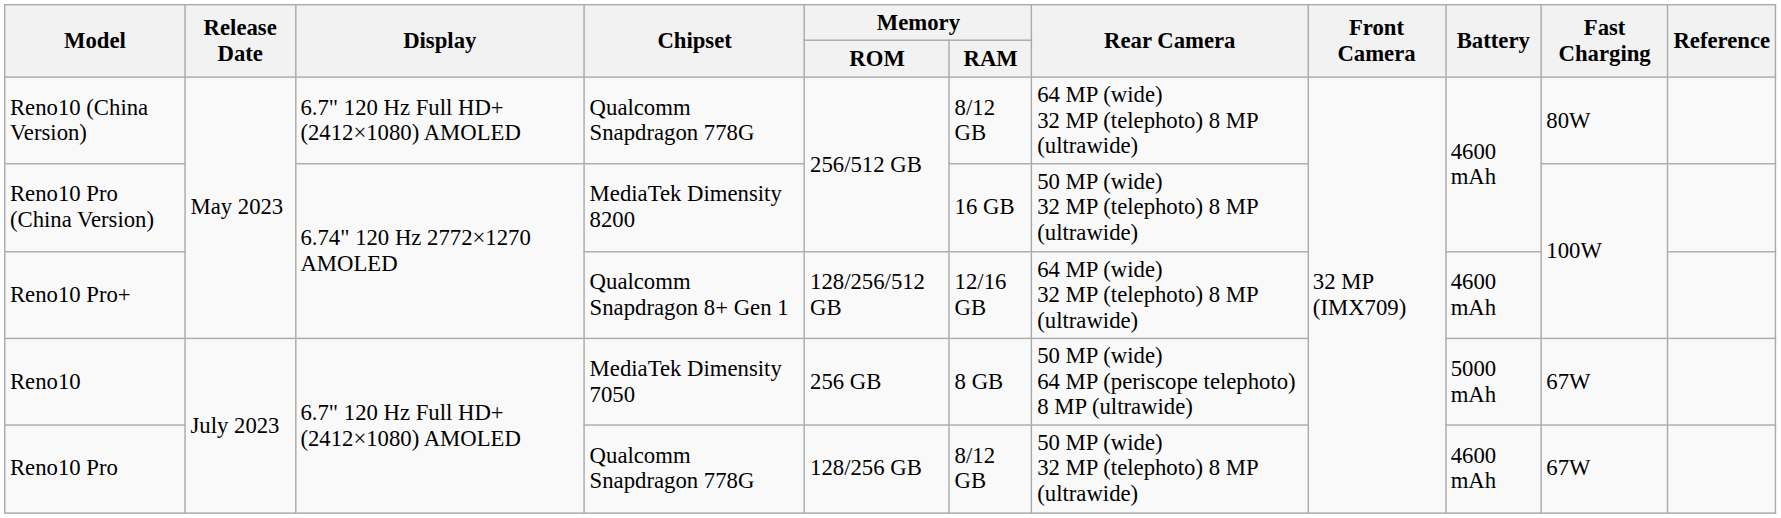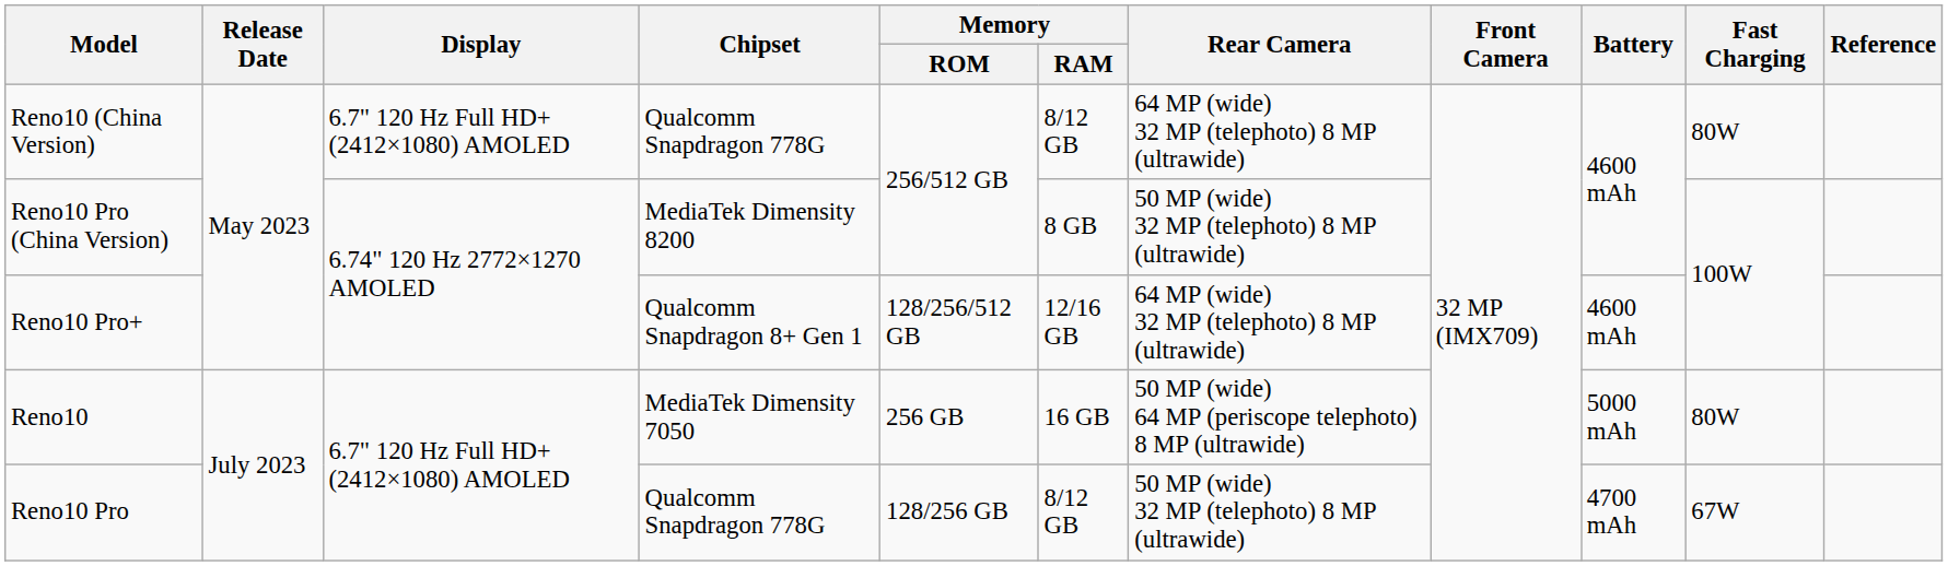 <table class="wikitable sortable">
 <tr>
 <th rowspan="2">Model</th>
 <th rowspan="2">Release Date</th>
 <th rowspan="2">Display</th>
 <th rowspan="2">Chipset</th>
 <th colspan="2">Memory</th>
 <th rowspan="2">Rear Camera</th>
 <th rowspan="2">Front Camera</th>
 <th rowspan="2">Battery</th>
 <th rowspan="2">Fast Charging</th>
 <th rowspan="2">Reference</th>
 </tr>
 <tr>
 <th>ROM</th>
 <th>RAM</th>
 </tr>
 <tr>
 <td>Reno10 (China Version)</td>
 <td rowspan="3">May 2023</td>
 <td>6.7" 120 Hz Full HD+ (2412×1080) AMOLED</td>
 <td>Qualcomm Snapdragon 778G</td>
 <td rowspan="2">256/512 GB</td>
 <td>8/12 GB</td>
 <td>64 MP (wide)<br>32 MP (telephoto) 8 MP (ultrawide)</td>
 <td rowspan="5">32 MP (IMX709)</td>
 <td rowspan="2">4600 mAh</td>
 <td>80W</td>
 <td></td>
 </tr>
 <tr>
 <td>Reno10 Pro (China Version)</td>
 <td rowspan="2">6.74" 120 Hz 2772×1270 AMOLED</td>
 <td>MediaTek Dimensity 8200</td>
-<td>16 GB</td>
+<td>8 GB</td>
 <td>50 MP (wide)<br>32 MP (telephoto) 8 MP (ultrawide)</td>
 <td rowspan="2">100W</td>
 </tr>
 <tr>
 <td>Reno10 Pro+</td>
 <td>Qualcomm Snapdragon 8+ Gen 1</td>
 <td>128/256/512 GB</td>
 <td>12/16 GB</td>
 <td>64 MP (wide)<br>32 MP (telephoto) 8 MP (ultrawide)</td>
 <td>4600 mAh</td>
 <td></td>
 </tr>
 <tr>
 <td>Reno10</td>
 <td rowspan="2">July 2023</td>
 <td rowspan="2">6.7" 120 Hz Full HD+ (2412×1080) AMOLED</td>
 <td>MediaTek Dimensity 7050</td>
 <td>256 GB</td>
-<td>8 GB</td>
+<td>16 GB</td>
 <td>50 MP (wide)<br>64 MP (periscope telephoto) 8 MP (ultrawide)</td>
 <td>5000 mAh</td>
-<td>67W</td>
+<td>80W</td>
 <td></td>
 </tr>
 <tr>
 <td>Reno10 Pro</td>
 <td>Qualcomm Snapdragon 778G</td>
 <td>128/256 GB</td>
 <td>8/12 GB</td>
 <td>50 MP (wide)<br>32 MP (telephoto) 8 MP (ultrawide)</td>
-<td>4600 mAh</td>
+<td>4700 mAh</td>
 <td>67W</td>
 <td></td>
 </tr>
 </table>
